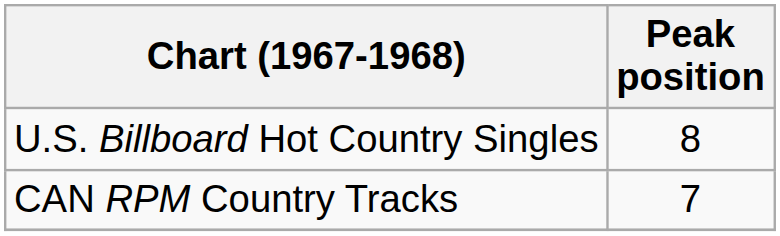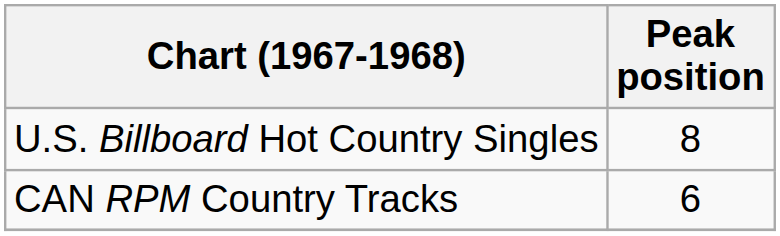 <table class="wikitable sortable">
 <tr>
 <th align="left">Chart (1967-1968)</th>
 <th align="center">Peak<br>position</th>
 </tr>
 <tr>
 <td align="left">U.S. <em>Billboard</em> Hot Country Singles</td>
 <td align="center">8</td>
 </tr>
 <tr>
 <td align="left">CAN <em>RPM</em> Country Tracks</td>
-<td align="center">7</td>
+<td align="center">6</td>
 </tr>
 <tr>
 </tr>
 </table>
